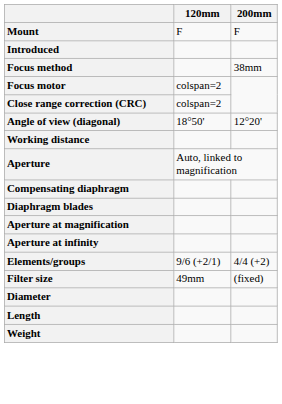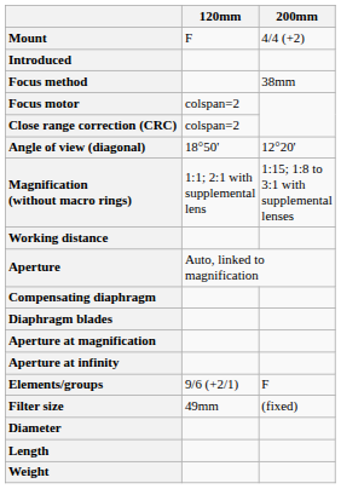 <table class="wikitable floatright" style="font-size:90%;text-align:left;width:25em;">
 <tr>
 <th style="width: 15em"></th>
 <th>120mm </th>
 <th>200mm </th>
 </tr>
 <tr>
 <th style="text-align: left">Mount</th>
 <td>F</td>
-<td>F</td>
+<td>4/4 (+2)</td>
 </tr>
 <tr>
 <th style="text-align: left">Introduced</th>
 <td></td>
 <td></td>
 </tr>
 <tr>
 <th style="text-align: left">Focus method</th>
 <td></td>
 <td>38mm</td>
 </tr>
 <tr>
 <th style="text-align: left">Focus motor</th>
 <td>colspan=2 </td>
 </tr>
 <tr>
 <th style="text-align: left">Close range correction (CRC)</th>
 <td>colspan=2 </td>
 </tr>
 <tr>
 <th style="text-align: left">Angle of view (diagonal)</th>
 <td>18°50'</td>
 <td>12°20'</td>
+</tr>
+<tr>
+<th style="text-align: left">Magnification<br>(without macro rings)</th>
+<td>1:1; 2:1 with supplemental lens</td>
+<td>1:15; 1:8 to 3:1 with supplemental lenses</td>
 </tr>
 <tr>
 <th style="text-align: left">Working distance</th>
 <td></td>
 <td></td>
 </tr>
 <tr>
 <th style="text-align: left">Aperture</th>
 <td colspan="2">Auto, linked to magnification</td>
 </tr>
 <tr>
 <th style="text-align: left">Compensating diaphragm</th>
 <td></td>
 <td></td>
 </tr>
 <tr>
 <th style="text-align: left">Diaphragm blades</th>
 <td></td>
 <td></td>
 </tr>
 <tr>
 <th style="text-align: left">Aperture at magnification</th>
 <td></td>
 <td></td>
 </tr>
 <tr>
 <th style="text-align: left">Aperture at infinity</th>
 <td></td>
 <td></td>
 </tr>
 <tr>
 <th style="text-align: left">Elements/groups</th>
 <td>9/6 (+2/1)</td>
-<td>4/4 (+2)</td>
+<td>F</td>
 </tr>
 <tr>
 <th style="text-align: left">Filter size</th>
 <td>49mm</td>
 <td> (fixed)</td>
 </tr>
 <tr>
 <th style="text-align: left">Diameter</th>
 <td></td>
 <td></td>
 </tr>
 <tr>
 <th style="text-align: left">Length</th>
 <td></td>
 <td></td>
 </tr>
 <tr>
 <th style="text-align: left">Weight</th>
 <td></td>
 <td></td>
 </tr>
 </table>
